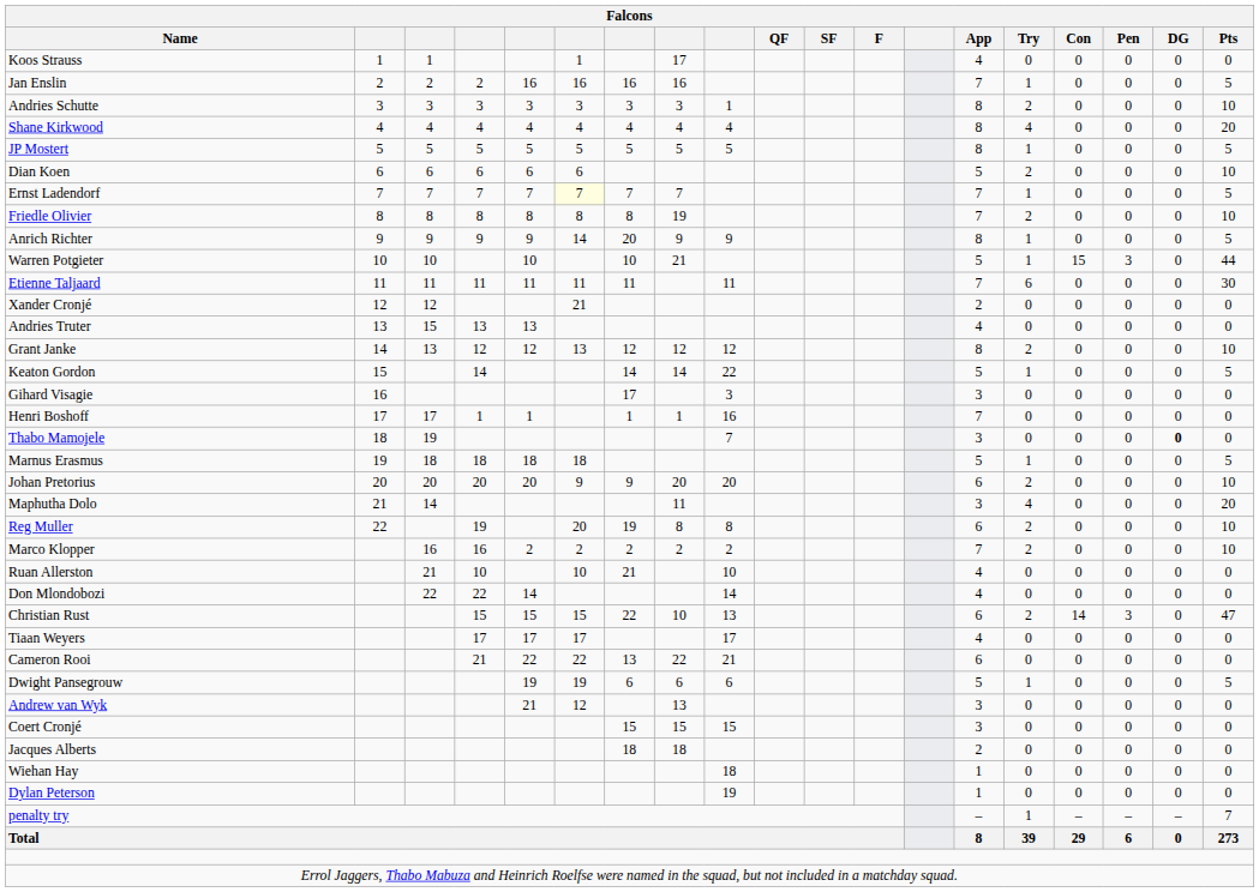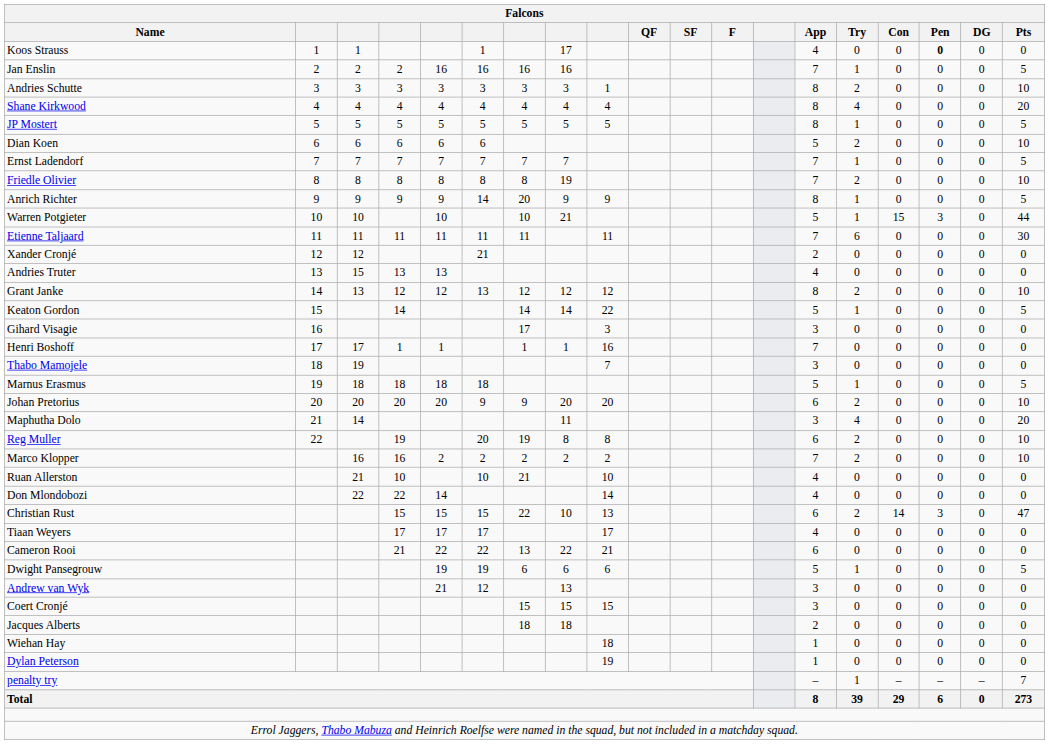 <table class="wikitable collapsible collapsed" style="text-align:center; font-size:100%; width:90%">
 <tr>
 <th colspan="100%">Falcons</th>
 </tr>
 <tr>
 <th style="width:28%;">Name</th>
 <th style="width:4%;"></th>
 <th style="width:4%;"></th>
 <th style="width:4%;"></th>
 <th style="width:4%;"></th>
 <th style="width:4%;"></th>
 <th style="width:4%;"></th>
 <th style="width:4%;"></th>
 <th style="width:4%;"></th>
 <th style="width:4%;">QF</th>
 <th style="width:4%;">SF</th>
 <th style="width:4%;">F</th>
 <th style="width:4%;"></th>
 <th style="width:4%;">App</th>
 <th style="width:4%;">Try</th>
 <th style="width:4%;">Con</th>
 <th style="width:4%;">Pen</th>
 <th style="width:4%;">DG</th>
 <th style="width:4%;">Pts</th>
 </tr>
 <tr>
 <td style="text-align:left;">Koos Strauss</td>
 <td>1</td>
 <td>1</td>
 <td></td>
 <td></td>
 <td>1</td>
 <td></td>
 <td>17 </td>
 <td></td>
 <td></td>
 <td></td>
 <td></td>
 <td style="background:#EBECF0;"></td>
 <td>4</td>
 <td>0</td>
 <td>0</td>
-<td>0</td>
+<td><strong>0</strong></td>
 <td>0</td>
 <td>0</td>
 </tr>
 <tr>
 <td style="text-align:left;">Jan Enslin</td>
 <td>2</td>
 <td>2</td>
 <td>2</td>
 <td>16 </td>
 <td>16 </td>
 <td>16 </td>
 <td>16 </td>
 <td></td>
 <td></td>
 <td></td>
 <td></td>
 <td style="background:#EBECF0;"></td>
 <td>7</td>
 <td>1</td>
 <td>0</td>
 <td>0</td>
 <td>0</td>
 <td>5</td>
 </tr>
 <tr>
 <td style="text-align:left;">Andries Schutte</td>
 <td>3</td>
 <td>3</td>
 <td>3</td>
 <td>3</td>
 <td>3</td>
 <td>3</td>
 <td>3</td>
 <td>1</td>
 <td></td>
 <td></td>
 <td></td>
 <td style="background:#EBECF0;"></td>
 <td>8</td>
 <td>2</td>
 <td>0</td>
 <td>0</td>
 <td>0</td>
 <td>10</td>
 </tr>
 <tr>
 <td style="text-align:left;"><a href='#'>Shane Kirkwood</a></td>
 <td>4</td>
 <td>4</td>
 <td>4</td>
 <td>4</td>
 <td>4</td>
 <td>4</td>
 <td>4</td>
 <td>4</td>
 <td></td>
 <td></td>
 <td></td>
 <td style="background:#EBECF0;"></td>
 <td>8</td>
 <td>4</td>
 <td>0</td>
 <td>0</td>
 <td>0</td>
 <td>20</td>
 </tr>
 <tr>
 <td style="text-align:left;"><a href='#'>JP Mostert</a></td>
 <td>5</td>
 <td>5</td>
 <td>5</td>
 <td>5</td>
 <td>5</td>
 <td>5</td>
 <td>5</td>
 <td>5</td>
 <td></td>
 <td></td>
 <td></td>
 <td style="background:#EBECF0;"></td>
 <td>8</td>
 <td>1</td>
 <td>0</td>
 <td>0</td>
 <td>0</td>
 <td>5</td>
 </tr>
 <tr>
 <td style="text-align:left;">Dian Koen</td>
 <td>6</td>
 <td>6</td>
 <td>6</td>
 <td>6</td>
 <td>6</td>
 <td></td>
 <td></td>
 <td></td>
 <td></td>
 <td></td>
 <td></td>
 <td style="background:#EBECF0;"></td>
 <td>5</td>
 <td>2</td>
 <td>0</td>
 <td>0</td>
 <td>0</td>
 <td>10</td>
 </tr>
 <tr>
 <td style="text-align:left;">Ernst Ladendorf</td>
 <td>7</td>
 <td>7</td>
 <td>7</td>
 <td>7</td>
-<td style="background: lightyellow;">7</td>
+<td>7</td>
 <td>7</td>
 <td>7</td>
 <td></td>
 <td></td>
 <td></td>
 <td></td>
 <td style="background:#EBECF0;"></td>
 <td>7</td>
 <td>1</td>
 <td>0</td>
 <td>0</td>
 <td>0</td>
 <td>5</td>
 </tr>
 <tr>
 <td style="text-align:left;"><a href='#'>Friedle Olivier</a></td>
 <td>8</td>
 <td>8</td>
 <td>8</td>
 <td>8</td>
 <td>8</td>
 <td>8</td>
 <td>19 </td>
 <td></td>
 <td></td>
 <td></td>
 <td></td>
 <td style="background:#EBECF0;"></td>
 <td>7</td>
 <td>2</td>
 <td>0</td>
 <td>0</td>
 <td>0</td>
 <td>10</td>
 </tr>
 <tr>
 <td style="text-align:left;">Anrich Richter</td>
 <td>9</td>
 <td>9</td>
 <td>9</td>
 <td>9</td>
 <td>14</td>
 <td>20 </td>
 <td>9</td>
 <td>9</td>
 <td></td>
 <td></td>
 <td></td>
 <td style="background:#EBECF0;"></td>
 <td>8</td>
 <td>1</td>
 <td>0</td>
 <td>0</td>
 <td>0</td>
 <td>5</td>
 </tr>
 <tr>
 <td style="text-align:left;">Warren Potgieter</td>
 <td>10</td>
 <td>10</td>
 <td></td>
 <td>10</td>
 <td></td>
 <td>10</td>
 <td>21 </td>
 <td></td>
 <td></td>
 <td></td>
 <td></td>
 <td style="background:#EBECF0;"></td>
 <td>5</td>
 <td>1</td>
 <td>15</td>
 <td>3</td>
 <td>0</td>
 <td>44</td>
 </tr>
 <tr>
 <td style="text-align:left;"><a href='#'>Etienne Taljaard</a></td>
 <td>11</td>
 <td>11</td>
 <td>11</td>
 <td>11</td>
 <td>11</td>
 <td>11</td>
 <td></td>
 <td>11</td>
 <td></td>
 <td></td>
 <td></td>
 <td style="background:#EBECF0;"></td>
 <td>7</td>
 <td>6</td>
 <td>0</td>
 <td>0</td>
 <td>0</td>
 <td>30</td>
 </tr>
 <tr>
 <td style="text-align:left;">Xander Cronjé</td>
 <td>12</td>
 <td>12</td>
 <td></td>
 <td></td>
 <td>21</td>
 <td></td>
 <td></td>
 <td></td>
 <td></td>
 <td></td>
 <td></td>
 <td style="background:#EBECF0;"></td>
 <td>2</td>
 <td>0</td>
 <td>0</td>
 <td>0</td>
 <td>0</td>
 <td>0</td>
 </tr>
 <tr>
 <td style="text-align:left;">Andries Truter</td>
 <td>13</td>
 <td>15</td>
 <td>13</td>
 <td>13</td>
 <td></td>
 <td></td>
 <td></td>
 <td></td>
 <td></td>
 <td></td>
 <td></td>
 <td style="background:#EBECF0;"></td>
 <td>4</td>
 <td>0</td>
 <td>0</td>
 <td>0</td>
 <td>0</td>
 <td>0</td>
 </tr>
 <tr>
 <td style="text-align:left;">Grant Janke</td>
 <td>14</td>
 <td>13</td>
 <td>12</td>
 <td>12</td>
 <td>13</td>
 <td>12</td>
 <td>12</td>
 <td>12</td>
 <td></td>
 <td></td>
 <td></td>
 <td style="background:#EBECF0;"></td>
 <td>8</td>
 <td>2</td>
 <td>0</td>
 <td>0</td>
 <td>0</td>
 <td>10</td>
 </tr>
 <tr>
 <td style="text-align:left;">Keaton Gordon</td>
 <td>15</td>
 <td></td>
 <td>14</td>
 <td></td>
 <td></td>
 <td>14</td>
 <td>14</td>
 <td>22 </td>
 <td></td>
 <td></td>
 <td></td>
 <td style="background:#EBECF0;"></td>
 <td>5</td>
 <td>1</td>
 <td>0</td>
 <td>0</td>
 <td>0</td>
 <td>5</td>
 </tr>
 <tr>
 <td style="text-align:left;">Gihard Visagie</td>
 <td>16 </td>
 <td></td>
 <td></td>
 <td></td>
 <td></td>
 <td>17 </td>
 <td></td>
 <td>3</td>
 <td></td>
 <td></td>
 <td></td>
 <td style="background:#EBECF0;"></td>
 <td>3</td>
 <td>0</td>
 <td>0</td>
 <td>0</td>
 <td>0</td>
 <td>0</td>
 </tr>
 <tr>
 <td style="text-align:left;">Henri Boshoff</td>
 <td>17 </td>
 <td>17 </td>
 <td>1</td>
 <td>1</td>
 <td></td>
 <td>1</td>
 <td>1</td>
 <td>16 </td>
 <td></td>
 <td></td>
 <td></td>
 <td style="background:#EBECF0;"></td>
 <td>7</td>
 <td>0</td>
 <td>0</td>
 <td>0</td>
 <td>0</td>
 <td>0</td>
 </tr>
 <tr>
 <td style="text-align:left;"><a href='#'>Thabo Mamojele</a></td>
 <td>18 </td>
 <td>19 </td>
 <td></td>
 <td></td>
 <td></td>
 <td></td>
 <td></td>
 <td>7</td>
 <td></td>
 <td></td>
 <td></td>
 <td style="background:#EBECF0;"></td>
 <td>3</td>
 <td>0</td>
 <td>0</td>
 <td>0</td>
-<td><strong>0</strong></td>
+<td>0</td>
 <td>0</td>
 </tr>
 <tr>
 <td style="text-align:left;">Marnus Erasmus</td>
 <td>19 </td>
 <td>18 </td>
 <td>18 </td>
 <td>18 </td>
 <td>18 </td>
 <td></td>
 <td></td>
 <td></td>
 <td></td>
 <td></td>
 <td></td>
 <td style="background:#EBECF0;"></td>
 <td>5</td>
 <td>1</td>
 <td>0</td>
 <td>0</td>
 <td>0</td>
 <td>5</td>
 </tr>
 <tr>
 <td style="text-align:left;">Johan Pretorius</td>
 <td>20 </td>
 <td>20</td>
 <td>20 </td>
 <td>20</td>
 <td>9</td>
 <td>9</td>
 <td>20 </td>
 <td>20 </td>
 <td></td>
 <td></td>
 <td></td>
 <td style="background:#EBECF0;"></td>
 <td>6</td>
 <td>2</td>
 <td>0</td>
 <td>0</td>
 <td>0</td>
 <td>10</td>
 </tr>
 <tr>
 <td style="text-align:left;">Maphutha Dolo</td>
 <td>21 </td>
 <td>14</td>
 <td></td>
 <td></td>
 <td></td>
 <td></td>
 <td>11</td>
 <td></td>
 <td></td>
 <td></td>
 <td></td>
 <td style="background:#EBECF0;"></td>
 <td>3</td>
 <td>4</td>
 <td>0</td>
 <td>0</td>
 <td>0</td>
 <td>20</td>
 </tr>
 <tr>
 <td style="text-align:left;"><a href='#'>Reg Muller</a></td>
 <td>22 </td>
 <td></td>
 <td>19 </td>
 <td></td>
 <td>20 </td>
 <td>19 </td>
 <td>8</td>
 <td>8</td>
 <td></td>
 <td></td>
 <td></td>
 <td style="background:#EBECF0;"></td>
 <td>6</td>
 <td>2</td>
 <td>0</td>
 <td>0</td>
 <td>0</td>
 <td>10</td>
 </tr>
 <tr>
 <td style="text-align:left;">Marco Klopper</td>
 <td></td>
 <td>16 </td>
 <td>16 </td>
 <td>2</td>
 <td>2</td>
 <td>2</td>
 <td>2</td>
 <td>2</td>
 <td></td>
 <td></td>
 <td></td>
 <td style="background:#EBECF0;"></td>
 <td>7</td>
 <td>2</td>
 <td>0</td>
 <td>0</td>
 <td>0</td>
 <td>10</td>
 </tr>
 <tr>
 <td style="text-align:left;">Ruan Allerston</td>
 <td></td>
 <td>21 </td>
 <td>10</td>
 <td></td>
 <td>10</td>
 <td>21</td>
 <td></td>
 <td>10</td>
 <td></td>
 <td></td>
 <td></td>
 <td style="background:#EBECF0;"></td>
 <td>4</td>
 <td>0</td>
 <td>0</td>
 <td>0</td>
 <td>0</td>
 <td>0</td>
 </tr>
 <tr>
 <td style="text-align:left;">Don Mlondobozi</td>
 <td></td>
 <td>22 </td>
 <td>22 </td>
 <td>14</td>
 <td></td>
 <td></td>
 <td></td>
 <td>14</td>
 <td></td>
 <td></td>
 <td></td>
 <td style="background:#EBECF0;"></td>
 <td>4</td>
 <td>0</td>
 <td>0</td>
 <td>0</td>
 <td>0</td>
 <td>0</td>
 </tr>
 <tr>
 <td style="text-align:left;">Christian Rust</td>
 <td></td>
 <td></td>
 <td>15</td>
 <td>15</td>
 <td>15</td>
 <td>22 </td>
 <td>10</td>
 <td>13</td>
 <td></td>
 <td></td>
 <td></td>
 <td style="background:#EBECF0;"></td>
 <td>6</td>
 <td>2</td>
 <td>14</td>
 <td>3</td>
 <td>0</td>
 <td>47</td>
 </tr>
 <tr>
 <td style="text-align:left;">Tiaan Weyers</td>
 <td></td>
 <td></td>
 <td>17 </td>
 <td>17 </td>
 <td>17 </td>
 <td></td>
 <td></td>
 <td>17 </td>
 <td></td>
 <td></td>
 <td></td>
 <td style="background:#EBECF0;"></td>
 <td>4</td>
 <td>0</td>
 <td>0</td>
 <td>0</td>
 <td>0</td>
 <td>0</td>
 </tr>
 <tr>
 <td style="text-align:left;">Cameron Rooi</td>
 <td></td>
 <td></td>
 <td>21 </td>
 <td>22 </td>
 <td>22 </td>
 <td>13</td>
 <td>22 </td>
 <td>21 </td>
 <td></td>
 <td></td>
 <td></td>
 <td style="background:#EBECF0;"></td>
 <td>6</td>
 <td>0</td>
 <td>0</td>
 <td>0</td>
 <td>0</td>
 <td>0</td>
 </tr>
 <tr>
 <td style="text-align:left;">Dwight Pansegrouw</td>
 <td></td>
 <td></td>
 <td></td>
 <td>19 </td>
 <td>19 </td>
 <td>6</td>
 <td>6</td>
 <td>6</td>
 <td></td>
 <td></td>
 <td></td>
 <td style="background:#EBECF0;"></td>
 <td>5</td>
 <td>1</td>
 <td>0</td>
 <td>0</td>
 <td>0</td>
 <td>5</td>
 </tr>
 <tr>
 <td style="text-align:left;"><a href='#'>Andrew van Wyk</a></td>
 <td></td>
 <td></td>
 <td></td>
 <td>21 </td>
 <td>12</td>
 <td></td>
 <td>13</td>
 <td></td>
 <td></td>
 <td></td>
 <td></td>
 <td style="background:#EBECF0;"></td>
 <td>3</td>
 <td>0</td>
 <td>0</td>
 <td>0</td>
 <td>0</td>
 <td>0</td>
 </tr>
 <tr>
 <td style="text-align:left;">Coert Cronjé</td>
 <td></td>
 <td></td>
 <td></td>
 <td></td>
 <td></td>
 <td>15</td>
 <td>15</td>
 <td>15</td>
 <td></td>
 <td></td>
 <td></td>
 <td style="background:#EBECF0;"></td>
 <td>3</td>
 <td>0</td>
 <td>0</td>
 <td>0</td>
 <td>0</td>
 <td>0</td>
 </tr>
 <tr>
 <td style="text-align:left;">Jacques Alberts</td>
 <td></td>
 <td></td>
 <td></td>
 <td></td>
 <td></td>
 <td>18 </td>
 <td>18 </td>
 <td></td>
 <td></td>
 <td></td>
 <td></td>
 <td style="background:#EBECF0;"></td>
 <td>2</td>
 <td>0</td>
 <td>0</td>
 <td>0</td>
 <td>0</td>
 <td>0</td>
 </tr>
 <tr>
 <td style="text-align:left;">Wiehan Hay</td>
 <td></td>
 <td></td>
 <td></td>
 <td></td>
 <td></td>
 <td></td>
 <td></td>
 <td>18 </td>
 <td></td>
 <td></td>
 <td></td>
 <td style="background:#EBECF0;"></td>
 <td>1</td>
 <td>0</td>
 <td>0</td>
 <td>0</td>
 <td>0</td>
 <td>0</td>
 </tr>
 <tr>
 <td style="text-align:left;"><a href='#'>Dylan Peterson</a></td>
 <td></td>
 <td></td>
 <td></td>
 <td></td>
 <td></td>
 <td></td>
 <td></td>
 <td>19 </td>
 <td></td>
 <td></td>
 <td></td>
 <td style="background:#EBECF0;"></td>
 <td>1</td>
 <td>0</td>
 <td>0</td>
 <td>0</td>
 <td>0</td>
 <td>0</td>
 </tr>
 <tr>
 <td colspan="12" style="text-align:left;"><a href='#'>penalty try</a></td>
 <td style="background:#EBECF0;"></td>
 <td>–</td>
 <td>1</td>
 <td>–</td>
 <td>–</td>
 <td>–</td>
 <td>7</td>
 </tr>
 <tr>
 <th colspan="12" style="text-align:left;">Total</th>
 <th style="background:#EBECF0;"></th>
 <th>8</th>
 <th>39</th>
 <th>29</th>
 <th>6</th>
 <th>0</th>
 <th>273</th>
 </tr>
 <tr class="sortbottom">
 <td colspan="100%" style="height: 10px;"></td>
 </tr>
 <tr class="sortbottom">
 <td colspan="100%" style="text-align:center;"><em>Errol Jaggers, <a href='#'>Thabo Mabuza</a> and Heinrich Roelfse were named in the squad, but not included in a matchday squad.</em></td>
 </tr>
 </table>
